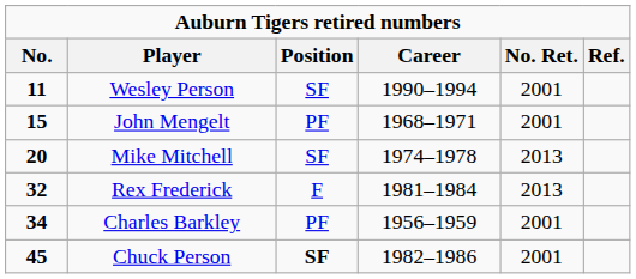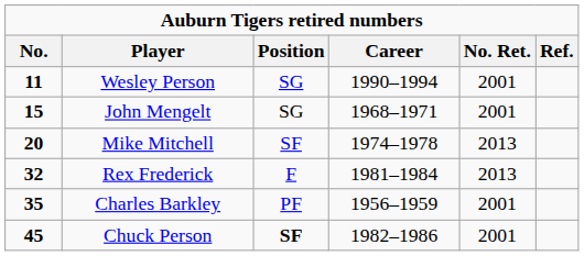 <table class="wikitable sortable" style="text-align:center">
 <tr>
 <td colspan=6><strong>Auburn Tigers retired numbers</strong></td>
 </tr>
 <tr>
 <th width=40px>No.</th>
 <th width=150px>Player</th>
 <th width=40px>Position</th>
 <th width=100px>Career</th>
 <th>No. Ret.</th>
 <th>Ref.</th>
 </tr>
 <tr>
 <td><strong>11</strong></td>
 <td><a href='#'>Wesley Person</a></td>
-<td><a href='#'>SF</a></td>
+<td><a href='#'>SG</a></td>
 <td>1990–1994</td>
 <td>2001</td>
 <td></td>
 </tr>
 <tr>
 <td><strong>15</strong></td>
 <td><a href='#'>John Mengelt</a></td>
-<td><a href='#'>PF</a></td>
+<td>SG</td>
 <td>1968–1971</td>
 <td>2001</td>
 <td></td>
 </tr>
 <tr>
 <td><strong>20</strong></td>
 <td><a href='#'>Mike Mitchell</a></td>
 <td><a href='#'>SF</a></td>
 <td>1974–1978</td>
 <td>2013</td>
 <td></td>
 </tr>
 <tr>
 <td><strong>32</strong></td>
 <td><a href='#'>Rex Frederick</a></td>
 <td><a href='#'>F</a></td>
 <td>1981–1984</td>
 <td>2013</td>
 <td></td>
 </tr>
 <tr>
-<td><strong>34</strong></td>
+<td><strong>35</strong></td>
 <td><a href='#'>Charles Barkley</a></td>
 <td><a href='#'>PF</a></td>
 <td>1956–1959</td>
 <td>2001</td>
 <td></td>
 </tr>
 <tr>
 <td><strong>45</strong></td>
 <td><a href='#'>Chuck Person</a></td>
 <td><strong>SF</strong></td>
 <td>1982–1986</td>
 <td>2001</td>
 <td></td>
 </tr>
 </table>
